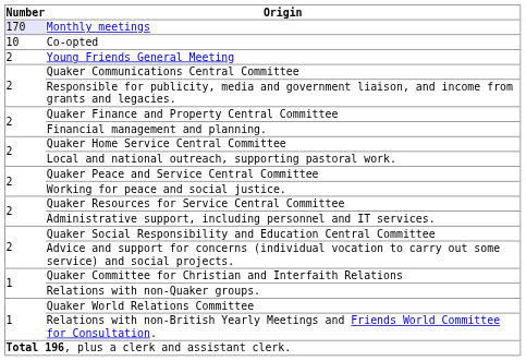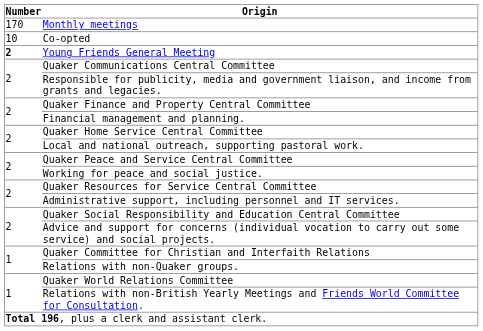 <table border=1 rules=rows>
 <tr>
 <th>Number</th>
 <th>Origin</th>
 </tr>
 <tr>
-<td style="background: lavender;">170</td>
+<td>170</td>
 <td><a href='#'>Monthly meetings</a></td>
 </tr>
 <tr>
 <td>10</td>
 <td>Co-opted</td>
 </tr>
 <tr>
-<td>2</td>
+<td><strong>2</strong></td>
 <td><a href='#'>Young Friends General Meeting</a></td>
 </tr>
 <tr>
 <td rowspan=2>2</td>
 <td>Quaker Communications Central Committee</td>
 </tr>
 <tr>
 <td>Responsible for publicity, media and government liaison, and income from grants and legacies.</td>
 </tr>
 <tr>
 <td rowspan=2>2</td>
 <td>Quaker Finance and Property Central Committee</td>
 </tr>
 <tr>
 <td>Financial management and planning.</td>
 </tr>
 <tr>
 <td rowspan=2>2</td>
 <td>Quaker Home Service Central Committee</td>
 </tr>
 <tr>
 <td>Local and national outreach, supporting pastoral work.</td>
 </tr>
 <tr>
 <td rowspan=2>2</td>
 <td>Quaker Peace and Service Central Committee</td>
 </tr>
 <tr>
 <td>Working for peace and social justice.</td>
 </tr>
 <tr>
 <td rowspan=2>2</td>
 <td>Quaker Resources for Service Central Committee</td>
 </tr>
 <tr>
 <td>Administrative support, including personnel and IT services.</td>
 </tr>
 <tr>
 <td rowspan=2>2</td>
 <td>Quaker Social Responsibility and Education Central Committee</td>
 </tr>
 <tr>
 <td>Advice and support for concerns (individual vocation to carry out some service) and social projects.</td>
 </tr>
 <tr>
 <td rowspan=2>1</td>
 <td>Quaker Committee for Christian and Interfaith Relations</td>
 </tr>
 <tr>
 <td>Relations with non-Quaker groups.</td>
 </tr>
 <tr>
 <td rowspan=2>1</td>
 <td>Quaker World Relations Committee</td>
 </tr>
 <tr>
 <td>Relations with non-British Yearly Meetings and <a href='#'>Friends World Committee for Consultation</a>.</td>
 </tr>
 <tr>
 <td colspan=2><strong>Total 196</strong>, plus a clerk and assistant clerk.</td>
 </tr>
 </table>
